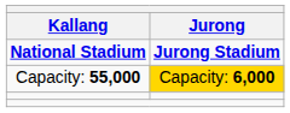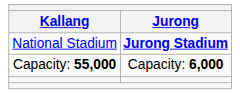 <table class="wikitable" style="margin:1em auto; text-align:center">
 <tr>
 <th colspan="2"></th>
 </tr>
 <tr>
 <th><a href='#'>Kallang</a></th>
 <th><a href='#'>Jurong</a></th>
 </tr>
 <tr>
-<td><strong><a href='#'>National Stadium</a></strong></td>
+<td><a href='#'>National Stadium</a></td>
 <td><strong><a href='#'>Jurong Stadium</a></strong></td>
 </tr>
 <tr>
 <td>Capacity: <strong>55,000</strong></td>
-<td style="background: gold;">Capacity: <strong>6,000</strong></td>
+<td>Capacity: <strong>6,000</strong></td>
 </tr>
 <tr>
 <td></td>
 <td></td>
 </tr>
 <tr>
 <td rowspan=4 colspan=2></td>
 </tr>
 </table>
